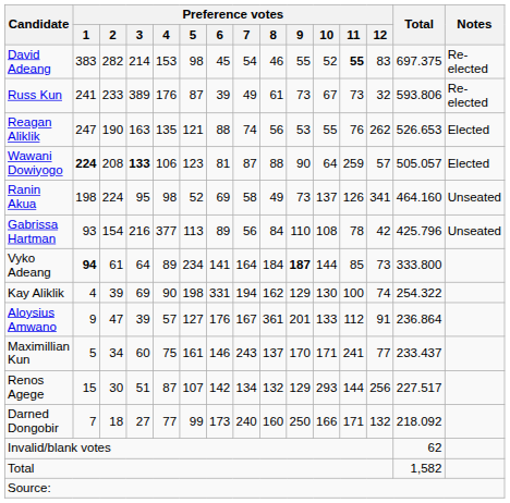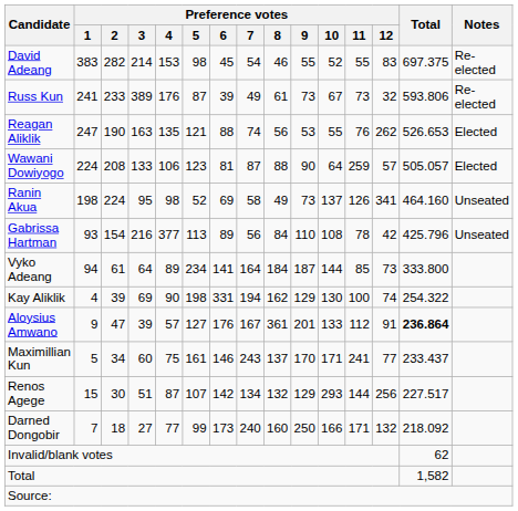 <table class=wikitable style=text-align:right>
 <tr>
 <th rowspan=2>Candidate</th>
 <th colspan=12>Preference votes</th>
 <th rowspan=2>Total</th>
 <th rowspan=2>Notes</th>
 </tr>
 <tr>
 <th>1</th>
 <th>2</th>
 <th>3</th>
 <th>4</th>
 <th>5</th>
 <th>6</th>
 <th>7</th>
 <th>8</th>
 <th>9</th>
 <th>10</th>
 <th>11</th>
 <th>12</th>
 </tr>
 <tr>
 <td align=left><a href='#'>David Adeang</a></td>
 <td>383</td>
 <td>282</td>
 <td>214</td>
 <td>153</td>
 <td>98</td>
 <td>45</td>
 <td>54</td>
 <td>46</td>
 <td>55</td>
 <td>52</td>
-<td><strong>55</strong></td>
+<td>55</td>
 <td>83</td>
 <td>697.375</td>
 <td align=left>Re-elected</td>
 </tr>
 <tr>
 <td align=left><a href='#'>Russ Kun</a></td>
 <td>241</td>
 <td>233</td>
 <td>389</td>
 <td>176</td>
 <td>87</td>
 <td>39</td>
 <td>49</td>
 <td>61</td>
 <td>73</td>
 <td>67</td>
 <td>73</td>
 <td>32</td>
 <td>593.806</td>
 <td align=left>Re-elected</td>
 </tr>
 <tr>
 <td align=left><a href='#'>Reagan Aliklik</a></td>
 <td>247</td>
 <td>190</td>
 <td>163</td>
 <td>135</td>
 <td>121</td>
 <td>88</td>
 <td>74</td>
 <td>56</td>
 <td>53</td>
 <td>55</td>
 <td>76</td>
 <td>262</td>
 <td>526.653</td>
 <td align=left>Elected</td>
 </tr>
 <tr>
 <td align=left><a href='#'>Wawani Dowiyogo</a></td>
-<td><strong>224</strong></td>
+<td>224</td>
 <td>208</td>
-<td><strong>133</strong></td>
+<td>133</td>
 <td>106</td>
 <td>123</td>
 <td>81</td>
 <td>87</td>
 <td>88</td>
 <td>90</td>
 <td>64</td>
 <td>259</td>
 <td>57</td>
 <td>505.057</td>
 <td align=left>Elected</td>
 </tr>
 <tr>
 <td align=left><a href='#'>Ranin Akua</a></td>
 <td>198</td>
 <td>224</td>
 <td>95</td>
 <td>98</td>
 <td>52</td>
 <td>69</td>
 <td>58</td>
 <td>49</td>
 <td>73</td>
 <td>137</td>
 <td>126</td>
 <td>341</td>
 <td>464.160</td>
 <td align=left>Unseated</td>
 </tr>
 <tr>
 <td align=left><a href='#'>Gabrissa Hartman</a></td>
 <td>93</td>
 <td>154</td>
 <td>216</td>
 <td>377</td>
 <td>113</td>
 <td>89</td>
 <td>56</td>
 <td>84</td>
 <td>110</td>
 <td>108</td>
 <td>78</td>
 <td>42</td>
 <td>425.796</td>
 <td align=left>Unseated</td>
 </tr>
 <tr>
 <td align=left>Vyko Adeang</td>
-<td><strong>94</strong></td>
+<td>94</td>
 <td>61</td>
 <td>64</td>
 <td>89</td>
 <td>234</td>
 <td>141</td>
 <td>164</td>
 <td>184</td>
-<td><strong>187</strong></td>
+<td>187</td>
 <td>144</td>
 <td>85</td>
 <td>73</td>
 <td>333.800</td>
 <td></td>
 </tr>
 <tr>
 <td align=left>Kay Aliklik</td>
 <td>4</td>
 <td>39</td>
 <td>69</td>
 <td>90</td>
 <td>198</td>
 <td>331</td>
 <td>194</td>
 <td>162</td>
 <td>129</td>
 <td>130</td>
 <td>100</td>
 <td>74</td>
 <td>254.322</td>
 <td></td>
 </tr>
 <tr>
 <td align=left><a href='#'>Aloysius Amwano</a></td>
 <td>9</td>
 <td>47</td>
 <td>39</td>
 <td>57</td>
 <td>127</td>
 <td>176</td>
 <td>167</td>
 <td>361</td>
 <td>201</td>
 <td>133</td>
 <td>112</td>
 <td>91</td>
-<td>236.864</td>
+<td><strong>236.864</strong></td>
 <td></td>
 </tr>
 <tr>
 <td align=left>Maximillian Kun</td>
 <td>5</td>
 <td>34</td>
 <td>60</td>
 <td>75</td>
 <td>161</td>
 <td>146</td>
 <td>243</td>
 <td>137</td>
 <td>170</td>
 <td>171</td>
 <td>241</td>
 <td>77</td>
 <td>233.437</td>
 <td></td>
 </tr>
 <tr>
 <td align=left>Renos Agege</td>
 <td>15</td>
 <td>30</td>
 <td>51</td>
 <td>87</td>
 <td>107</td>
 <td>142</td>
 <td>134</td>
 <td>132</td>
 <td>129</td>
 <td>293</td>
 <td>144</td>
 <td>256</td>
 <td>227.517</td>
 <td></td>
 </tr>
 <tr>
 <td align=left>Darned Dongobir</td>
 <td>7</td>
 <td>18</td>
 <td>27</td>
 <td>77</td>
 <td>99</td>
 <td>173</td>
 <td>240</td>
 <td>160</td>
 <td>250</td>
 <td>166</td>
 <td>171</td>
 <td>132</td>
 <td>218.092</td>
 <td></td>
 </tr>
 <tr>
 <td align=left colspan=13>Invalid/blank votes</td>
 <td>62</td>
 <td></td>
 </tr>
 <tr>
 <td align=left colspan=13>Total</td>
 <td>1,582</td>
 <td></td>
 </tr>
 <tr>
 <td align=left colspan=21>Source: </td>
 </tr>
 </table>
